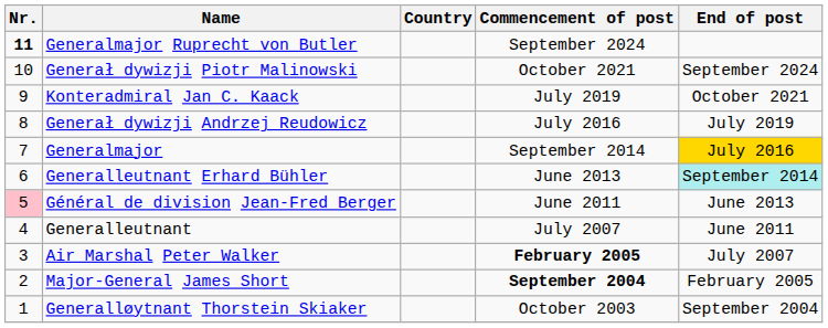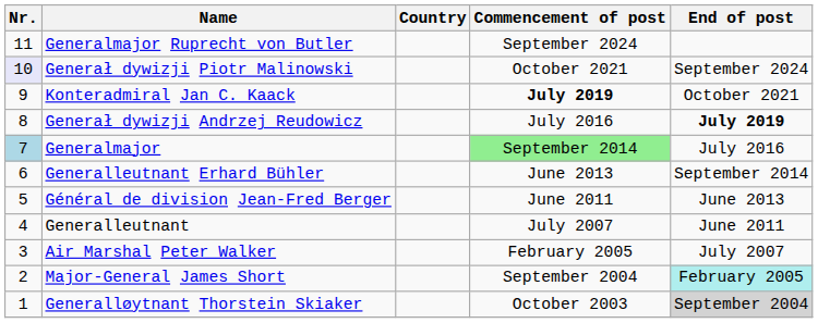 <table class="wikitable" style="text-align:center">
 <tr>
 <th>Nr.</th>
 <th>Name</th>
 <th>Country</th>
 <th>Commencement of post</th>
 <th>End of post</th>
 </tr>
 <tr>
-<td><strong>11</strong></td>
+<td>11</td>
 <td style="text-align:left"><a href='#'>Generalmajor</a> <a href='#'>Ruprecht von Butler</a></td>
 <td></td>
 <td>September 2024</td>
 <td></td>
 </tr>
 <tr>
-<td>10</td>
+<td style="background: lavender;">10</td>
 <td style="text-align:left"><a href='#'>Generał dywizji</a> <a href='#'>Piotr Malinowski</a></td>
 <td></td>
 <td>October 2021</td>
 <td>September 2024</td>
 </tr>
 <tr>
 <td>9</td>
 <td style="text-align:left"><a href='#'>Konteradmiral</a> <a href='#'>Jan C. Kaack</a></td>
 <td></td>
-<td>July 2019</td>
+<td><strong>July 2019</strong></td>
 <td>October 2021</td>
 </tr>
 <tr>
 <td>8</td>
 <td style="text-align:left"><a href='#'>Generał dywizji</a> <a href='#'>Andrzej Reudowicz</a></td>
 <td></td>
 <td>July 2016</td>
-<td>July 2019</td>
+<td><strong>July 2019</strong></td>
 </tr>
 <tr>
-<td>7</td>
+<td style="background: lightblue;">7</td>
 <td style="text-align:left"><a href='#'>Generalmajor</a> </td>
 <td></td>
-<td>September 2014</td>
-<td style="background: gold;">July 2016</td>
+<td style="background: lightgreen;">September 2014</td>
+<td>July 2016</td>
 </tr>
 <tr>
 <td>6</td>
 <td style="text-align:left"><a href='#'>Generalleutnant</a> <a href='#'>Erhard Bühler</a></td>
 <td></td>
 <td>June 2013</td>
-<td style="background: paleturquoise;">September 2014</td>
+<td>September 2014</td>
 </tr>
 <tr>
-<td style="background: pink;">5</td>
+<td>5</td>
 <td style="text-align:left"><a href='#'>Général de division</a> <a href='#'>Jean-Fred Berger</a></td>
 <td></td>
 <td>June 2011</td>
 <td>June 2013</td>
 </tr>
 <tr>
 <td>4</td>
 <td style="text-align:left">Generalleutnant </td>
 <td></td>
 <td>July 2007</td>
 <td>June 2011</td>
 </tr>
 <tr>
 <td>3</td>
 <td style="text-align:left"><a href='#'>Air Marshal</a> <a href='#'>Peter Walker</a></td>
 <td></td>
-<td><strong>February 2005</strong></td>
+<td>February 2005</td>
 <td>July 2007</td>
 </tr>
 <tr>
 <td>2</td>
 <td style="text-align:left"><a href='#'>Major-General</a> <a href='#'>James Short</a></td>
 <td></td>
-<td><strong>September 2004</strong></td>
-<td>February 2005</td>
+<td>September 2004</td>
+<td style="background: paleturquoise;">February 2005</td>
 </tr>
 <tr>
 <td>1</td>
 <td style="text-align:left"><a href='#'>Generalløytnant</a> <a href='#'>Thorstein Skiaker</a></td>
 <td></td>
 <td>October 2003</td>
-<td>September 2004</td>
+<td style="background: lightgrey;">September 2004</td>
 </tr>
 <tr>
 </tr>
 </table>
